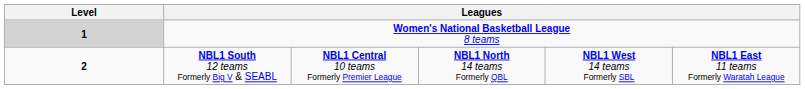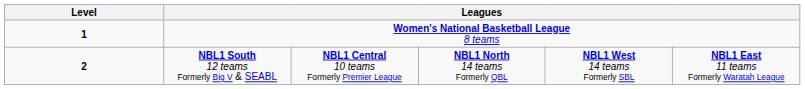 <table class="wikitable" style="text-align: center; font-size: 11px;" width="99%;">
 <tr>
 <th>Level</th>
 <th colspan=6>Leagues</th>
 </tr>
 <tr>
-<td style="background: lightgrey;"><strong>1</strong></td>
+<td><strong>1</strong></td>
 <td colspan=6><strong><a href='#'>Women's National Basketball League</a></strong><br><em><a href='#'>8 teams</a></em></td>
 </tr>
 <tr>
 <td rowspan=2><strong>2</strong></td>
 <td width="16%" rowspan=2><strong><a href='#'>NBL1 South</a></strong><br><em>12 teams</em><br><small> Formerly <a href='#'>Big V</a></small> & <a href='#'>SEABL</a></td>
 <td width="16%" rowspan=2><strong><a href='#'>NBL1 Central</a></strong><br><em>10 teams</em><br><small> Formerly <a href='#'>Premier League</a></small></td>
 <td width="16%" rowspan=2><strong><a href='#'>NBL1 North</a></strong><br><em>14 teams</em> <br><small> Formerly <a href='#'>QBL</a></small></td>
 <td width="16%" rowspan=2><strong><a href='#'>NBL1 West</a></strong><br><em>14 teams</em> <br><small> Formerly <a href='#'>SBL</a></small></td>
 <td width="16%" rowspan=2><strong><a href='#'>NBL1 East</a></strong><br><em>11 teams</em> <br><small> Formerly <a href='#'>Waratah League</a></small></td>
 </tr>
 </table>
